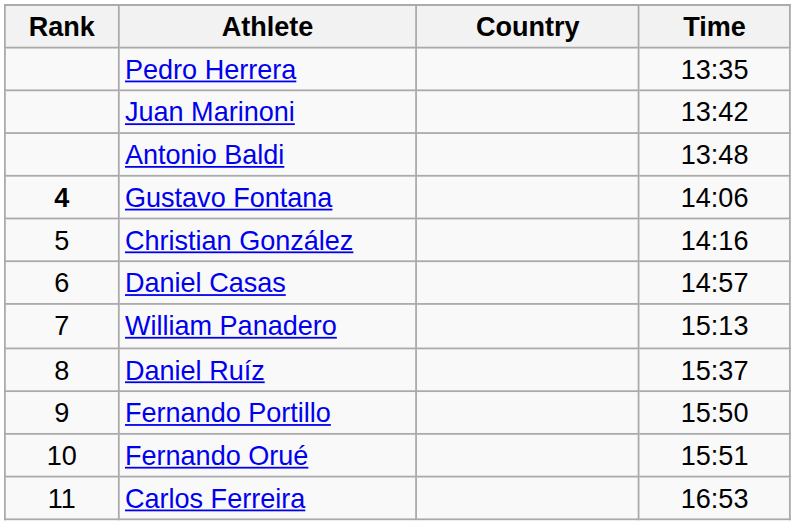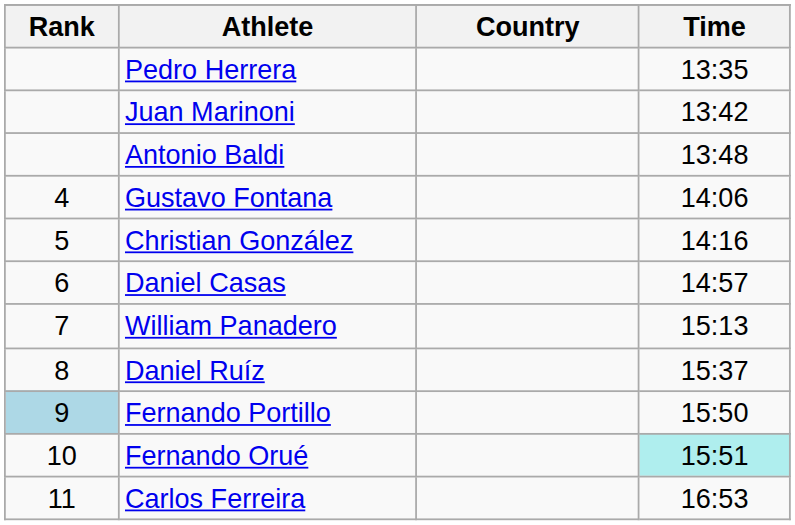 <table class="wikitable sortable" style=" text-align:center; font-size:95%;" width="50%">
 <tr>
 </tr>
 <tr>
 <th width=5%>Rank</th>
 <th width=20%>Athlete</th>
 <th width=15%>Country</th>
 <th width=10%>Time</th>
 </tr>
 <tr>
 <td align=center></td>
 <td align=left><a href='#'>Pedro Herrera</a></td>
 <td align=left></td>
 <td>13:35</td>
 </tr>
 <tr>
 <td align=center></td>
 <td align=left><a href='#'>Juan Marinoni</a></td>
 <td align=left></td>
 <td>13:42</td>
 </tr>
 <tr>
 <td align=center></td>
 <td align=left><a href='#'>Antonio Baldi</a></td>
 <td align=left></td>
 <td>13:48</td>
 </tr>
 <tr>
-<td align=center><strong>4</strong></td>
+<td align=center>4</td>
 <td align=left><a href='#'>Gustavo Fontana</a></td>
 <td align=left></td>
 <td>14:06</td>
 </tr>
 <tr>
 <td align=center>5</td>
 <td align=left><a href='#'>Christian González</a></td>
 <td align=left></td>
 <td>14:16</td>
 </tr>
 <tr>
 <td align=center>6</td>
 <td align=left><a href='#'>Daniel Casas</a></td>
 <td align=left></td>
 <td>14:57</td>
 </tr>
 <tr>
 <td align=center>7</td>
 <td align=left><a href='#'>William Panadero</a></td>
 <td align=left></td>
 <td>15:13</td>
 </tr>
 <tr>
 <td align=center>8</td>
 <td align=left><a href='#'>Daniel Ruíz</a></td>
 <td align=left></td>
 <td>15:37</td>
 </tr>
 <tr>
-<td align=center>9</td>
+<td align=center style="background: lightblue;">9</td>
 <td align=left><a href='#'>Fernando Portillo</a></td>
 <td align=left></td>
 <td>15:50</td>
 </tr>
 <tr>
 <td align=center>10</td>
 <td align=left><a href='#'>Fernando Orué</a></td>
 <td align=left></td>
-<td>15:51</td>
+<td style="background: paleturquoise;">15:51</td>
 </tr>
 <tr>
 <td align=center>11</td>
 <td align=left><a href='#'>Carlos Ferreira</a></td>
 <td align=left></td>
 <td>16:53</td>
 </tr>
 </table>
